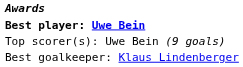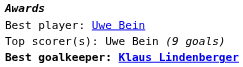 <table width=100% cellspacing=1 style="font-size: 90%;">
 <tr>
 <td><strong><em>Awards</em></strong></td>
 </tr>
 <tr>
-<td><strong>Best player:  <a href='#'>Uwe Bein</a></strong></td>
+<td>Best player:  <a href='#'>Uwe Bein</a></td>
 </tr>
 <tr>
 <td colspan=4>Top scorer(s):  Uwe Bein <em>(9 goals)</em></td>
 </tr>
 <tr>
-<td>Best goalkeeper:  <a href='#'>Klaus Lindenberger</a></td>
+<td><strong>Best goalkeeper:  <a href='#'>Klaus Lindenberger</a></strong></td>
 </tr>
 </table>
